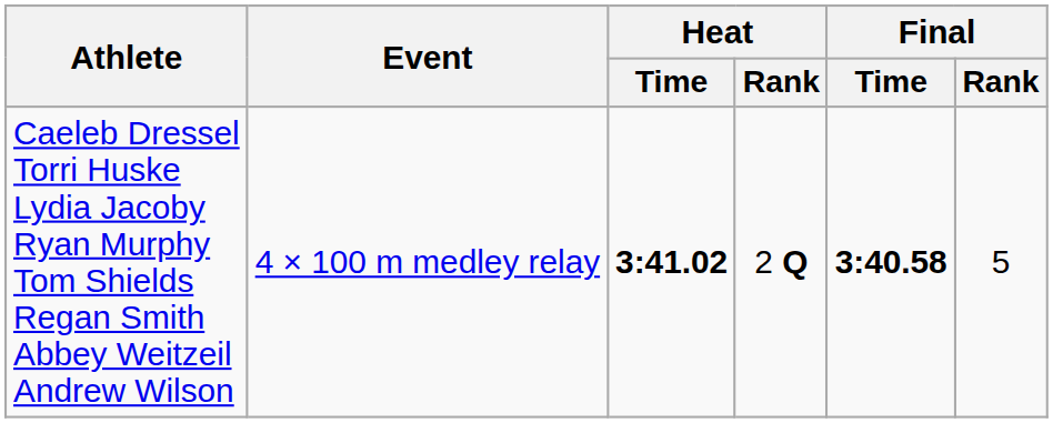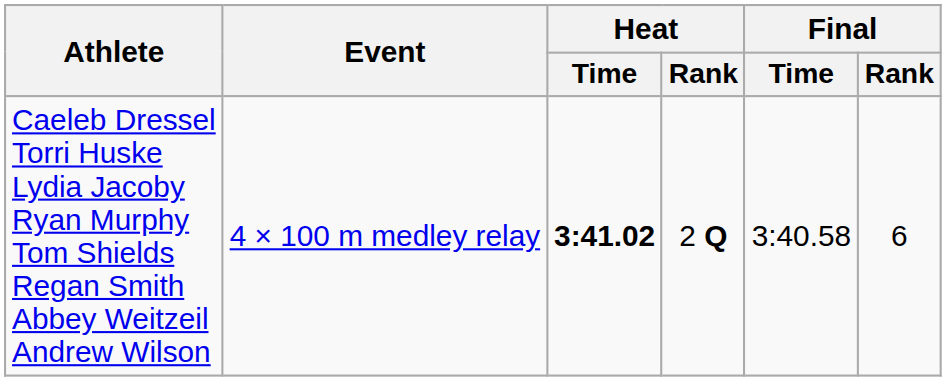 <table class=wikitable style=font-size:90%>
 <tr>
 <th rowspan=2>Athlete</th>
 <th rowspan=2>Event</th>
 <th colspan=2>Heat</th>
 <th colspan=2>Final</th>
 </tr>
 <tr style=font-size:95%>
 <th>Time</th>
 <th>Rank</th>
 <th>Time</th>
 <th>Rank</th>
 </tr>
 <tr align=center>
 <td align=left><a href='#'>Caeleb Dressel</a><br><a href='#'>Torri Huske</a><br><a href='#'>Lydia Jacoby</a><br><a href='#'>Ryan Murphy</a><br><a href='#'>Tom Shields</a><br><a href='#'>Regan Smith</a><br><a href='#'>Abbey Weitzeil</a><br><a href='#'>Andrew Wilson</a></td>
 <td align=left><a href='#'>4 × 100 m medley relay</a></td>
 <td><strong>3:41.02</strong></td>
 <td>2 <strong>Q</strong></td>
-<td><strong>3:40.58</strong></td>
-<td>5</td>
+<td>3:40.58</td>
+<td>6</td>
 </tr>
 </table>
